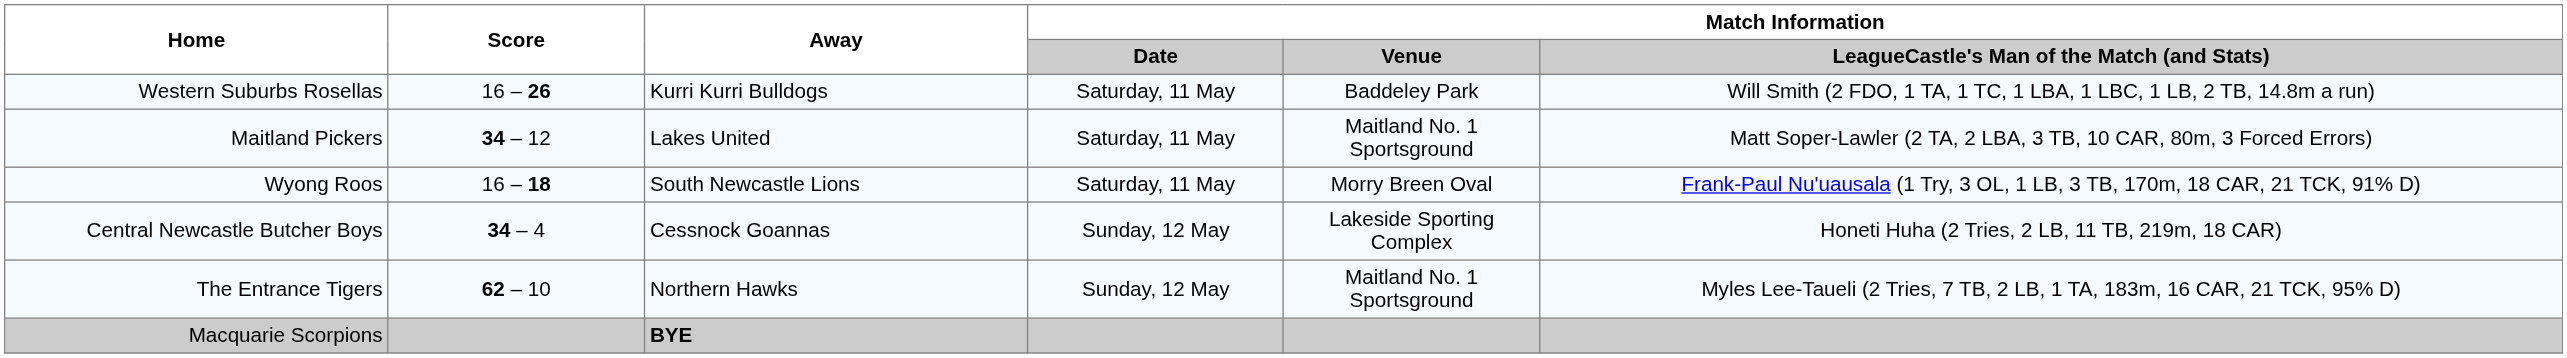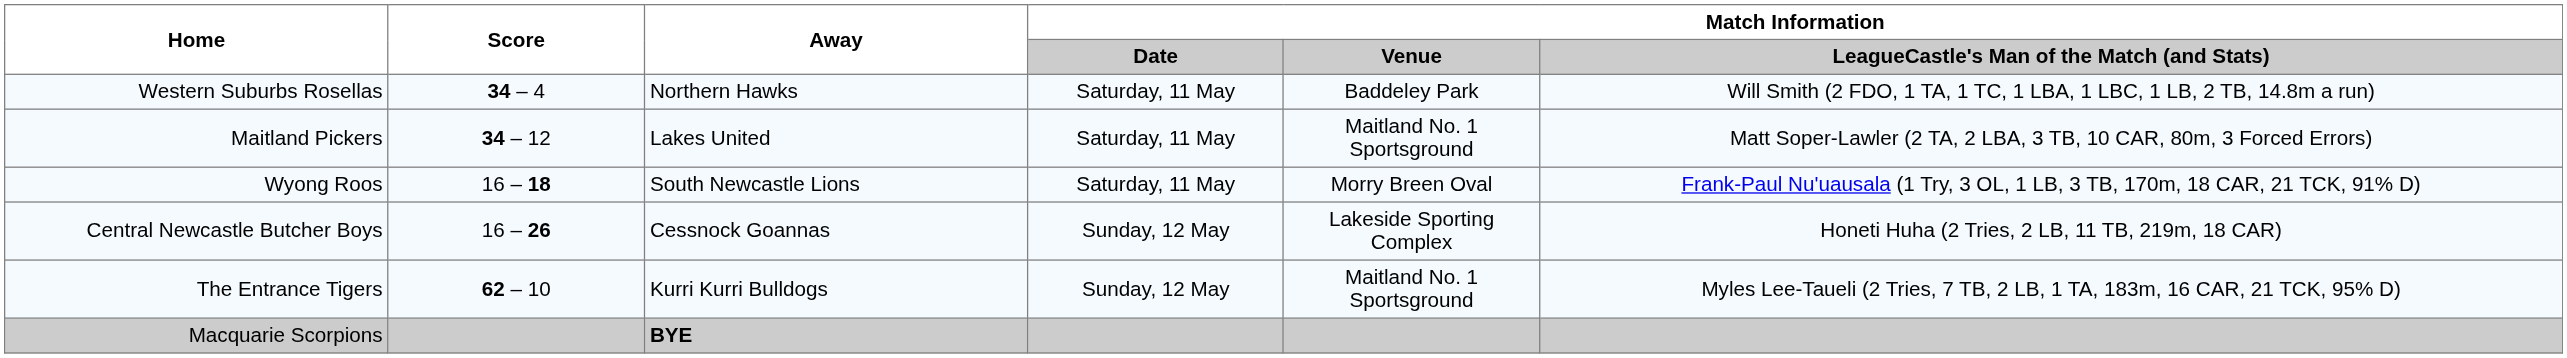 <table width="100%" cellspacing="0" cellpadding="4" border="1" style="border-collapse:collapse;  text-align:center;">
 <tr>
 <th rowspan="2" width="15%">Home</th>
 <th rowspan="2" width="10%">Score</th>
 <th rowspan="2" width="15%">Away</th>
 <th colspan="4">Match Information</th>
 </tr>
 <tr style="background:#CCCCCC">
 <th width="10%">Date</th>
 <th width="10%">Venue</th>
 <th width="40%">LeagueCastle's Man of the Match (and Stats)</th>
 </tr>
 <tr style="text-align:center; background:#f5faff;">
 <td align="right"> Western Suburbs Rosellas</td>
-<td>16 – <strong>26</strong></td>
-<td align="left"> Kurri Kurri Bulldogs</td>
+<td><strong>34</strong> – 4</td>
+<td align="left"> Northern Hawks</td>
 <td>Saturday, 11 May</td>
 <td>Baddeley Park</td>
 <td>Will Smith  (2 FDO, 1 TA, 1 TC, 1 LBA, 1 LBC, 1 LB, 2 TB, 14.8m a run)</td>
 </tr>
 <tr style="text-align:center; background:#f5faff;">
 <td align="right"> Maitland Pickers</td>
 <td><strong>34</strong> – 12</td>
 <td align="left"> Lakes United</td>
 <td>Saturday, 11 May</td>
 <td>Maitland No. 1 Sportsground</td>
 <td>Matt Soper-Lawler  (2 TA, 2 LBA, 3 TB, 10 CAR, 80m, 3 Forced Errors)</td>
 </tr>
 <tr style="text-align:center; background:#f5faff;">
 <td align="right"> Wyong Roos</td>
 <td>16 – <strong>18</strong></td>
 <td align="left"> South Newcastle Lions</td>
 <td>Saturday, 11 May</td>
 <td>Morry Breen Oval</td>
 <td><a href='#'>Frank-Paul Nu'uausala</a>  (1 Try, 3 OL, 1 LB, 3 TB, 170m, 18 CAR, 21 TCK, 91% D)</td>
 </tr>
 <tr style="text-align:center; background:#f5faff;">
 <td align="right"> Central Newcastle Butcher Boys</td>
-<td><strong>34</strong> – 4</td>
+<td>16 – <strong>26</strong></td>
 <td align="left"> Cessnock Goannas</td>
 <td>Sunday, 12 May</td>
 <td>Lakeside Sporting Complex</td>
 <td>Honeti Huha  (2 Tries, 2 LB, 11 TB, 219m, 18 CAR)</td>
 </tr>
 <tr style="text-align:center; background:#f5faff;">
 <td align="right"> The Entrance Tigers</td>
 <td><strong>62</strong> – 10</td>
-<td align="left"> Northern Hawks</td>
+<td align="left"> Kurri Kurri Bulldogs</td>
 <td>Sunday, 12 May</td>
 <td>Maitland No. 1 Sportsground</td>
 <td>Myles Lee-Taueli  (2 Tries, 7 TB, 2 LB, 1 TA, 183m, 16 CAR, 21 TCK, 95% D)</td>
 </tr>
 <tr style="text-align:center; background:#CCCCCC;">
 <td align="right"> Macquarie Scorpions</td>
 <td></td>
 <td align="left"><strong>BYE</strong></td>
 <td></td>
 <td></td>
 <td></td>
 </tr>
 </table>
